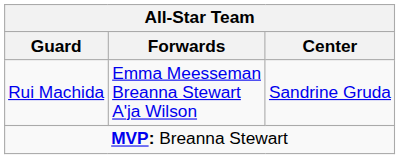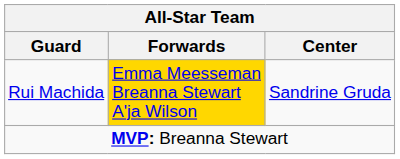 <table class=wikitable style="margin:auto">
 <tr>
 <th colspan=3 align=center>All-Star Team</th>
 </tr>
 <tr>
 <th>Guard</th>
 <th>Forwards</th>
 <th>Center</th>
 </tr>
 <tr>
 <td> <a href='#'>Rui Machida</a></td>
-<td> <a href='#'>Emma Meesseman</a><br> <a href='#'>Breanna Stewart</a><br> <a href='#'>A'ja Wilson</a></td>
+<td style="background: gold;"> <a href='#'>Emma Meesseman</a><br> <a href='#'>Breanna Stewart</a><br> <a href='#'>A'ja Wilson</a></td>
 <td> <a href='#'>Sandrine Gruda</a></td>
 </tr>
 <tr>
 <td colspan=3 align=center><strong><a href='#'>MVP</a>:</strong>  Breanna Stewart</td>
 </tr>
 </table>
